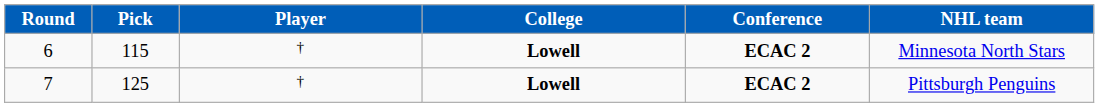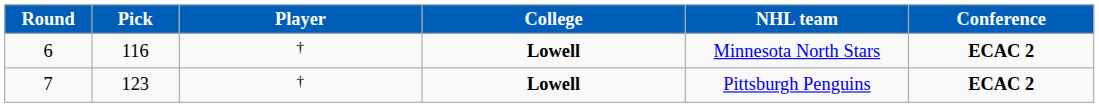 <table class="wikitable sortable" width="75%">
 <tr>
 <th style="color:white; background-color:#005EB8; width: 4em;">Round</th>
 <th style="color:white; background-color:#005EB8; width: 4em;">Pick</th>
 <th style="color:white; background-color:#005EB8; width: 12em;">Player</th>
 <th style="color:white; background-color:#005EB8; width: 13em;">College</th>
+<th style="color:white; background-color:#005EB8; width: 11em;">NHL team</th>
 <th style="color:white; background-color:#005EB8; width: 9em;">Conference</th>
-<th style="color:white; background-color:#005EB8; width: 11em;">NHL team</th>
 </tr>
 <tr align="center" bgcolor="">
 <td>6</td>
-<td>115</td>
+<td>116</td>
 <td> <sup>†</sup></td>
 <td><strong>Lowell</strong></td>
+<td><a href='#'>Minnesota North Stars</a></td>
 <td><strong>ECAC 2</strong></td>
-<td><a href='#'>Minnesota North Stars</a></td>
 </tr>
 <tr align="center" bgcolor="">
 <td>7</td>
-<td>125</td>
+<td>123</td>
 <td> <sup>†</sup></td>
 <td><strong>Lowell</strong></td>
+<td><a href='#'>Pittsburgh Penguins</a></td>
 <td><strong>ECAC 2</strong></td>
-<td><a href='#'>Pittsburgh Penguins</a></td>
 </tr>
 </table>
